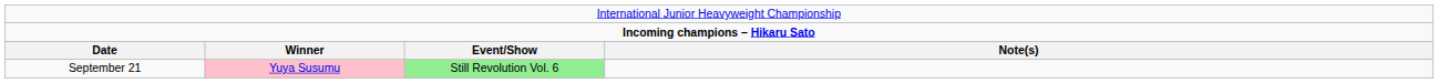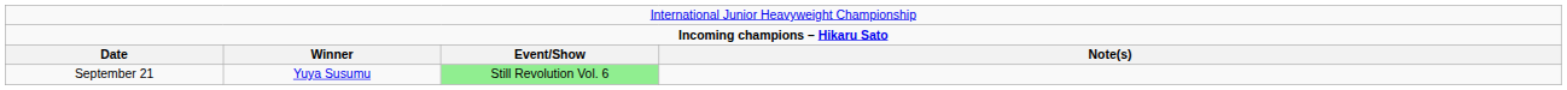 <table class="wikitable" style="text-align:center; width:100%;">
 <tr>
 <td colspan="5" style="text-align: center;"><a href='#'>International Junior Heavyweight Championship</a></td>
 </tr>
 <tr>
 <td colspan="5" style="text-align: center;"><strong>Incoming champions – <a href='#'>Hikaru Sato</a></strong></td>
 </tr>
 <tr>
 <th width=14%>Date</th>
 <th width=14%>Winner</th>
 <th width=14%>Event/Show</th>
 <th width=58%>Note(s)</th>
 </tr>
 <tr>
 <td>September 21</td>
-<td style="background: pink;"><a href='#'>Yuya Susumu</a></td>
+<td><a href='#'>Yuya Susumu</a></td>
 <td style="background: lightgreen;">Still Revolution Vol. 6</td>
 <td></td>
 </tr>
 </table>
